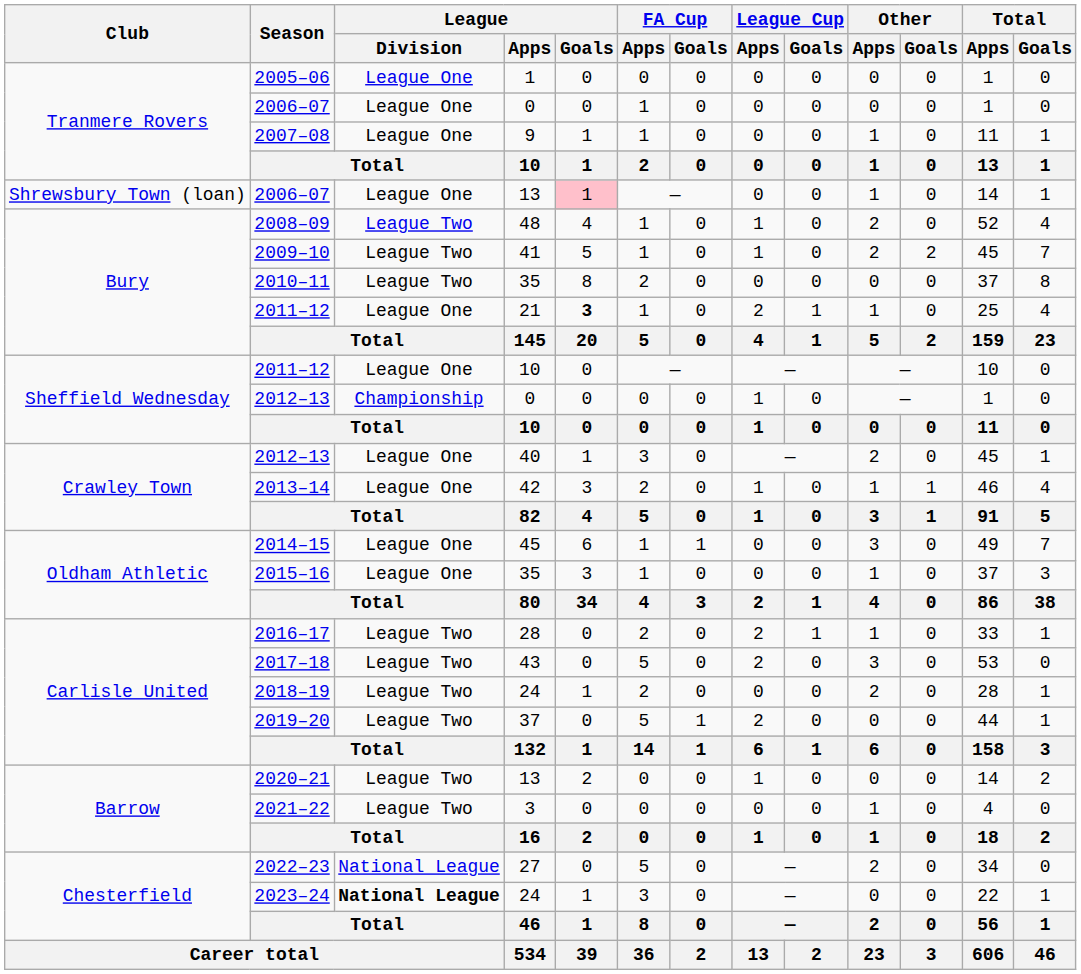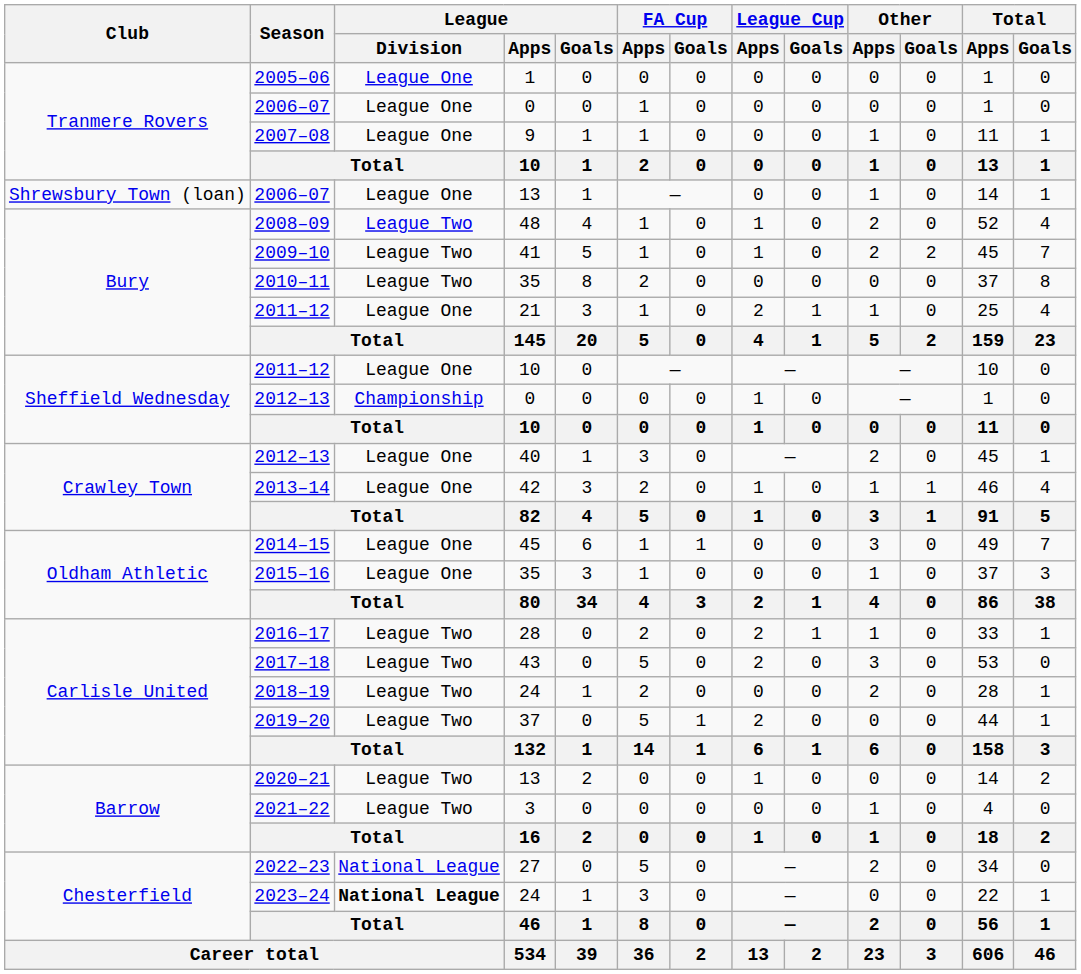 <table class="wikitable" style="text-align:center">
 <tr>
 <th rowspan="2">Club</th>
 <th rowspan="2">Season</th>
 <th colspan="3">League</th>
 <th colspan="2"><a href='#'>FA Cup</a></th>
 <th colspan="2"><a href='#'>League Cup</a></th>
 <th colspan="2">Other</th>
 <th colspan="2">Total</th>
 </tr>
 <tr>
 <th>Division</th>
 <th>Apps</th>
 <th>Goals</th>
 <th>Apps</th>
 <th>Goals</th>
 <th>Apps</th>
 <th>Goals</th>
 <th>Apps</th>
 <th>Goals</th>
 <th>Apps</th>
 <th>Goals</th>
 </tr>
 <tr>
 <td rowspan="4"><a href='#'>Tranmere Rovers</a></td>
 <td><a href='#'>2005–06</a></td>
 <td><a href='#'>League One</a></td>
 <td>1</td>
 <td>0</td>
 <td>0</td>
 <td>0</td>
 <td>0</td>
 <td>0</td>
 <td>0</td>
 <td>0</td>
 <td>1</td>
 <td>0</td>
 </tr>
 <tr>
 <td><a href='#'>2006–07</a></td>
 <td>League One</td>
 <td>0</td>
 <td>0</td>
 <td>1</td>
 <td>0</td>
 <td>0</td>
 <td>0</td>
 <td>0</td>
 <td>0</td>
 <td>1</td>
 <td>0</td>
 </tr>
 <tr>
 <td><a href='#'>2007–08</a></td>
 <td>League One</td>
 <td>9</td>
 <td>1</td>
 <td>1</td>
 <td>0</td>
 <td>0</td>
 <td>0</td>
 <td>1</td>
 <td>0</td>
 <td>11</td>
 <td>1</td>
 </tr>
 <tr>
 <th colspan="2">Total</th>
 <th>10</th>
 <th>1</th>
 <th>2</th>
 <th>0</th>
 <th>0</th>
 <th>0</th>
 <th>1</th>
 <th>0</th>
 <th>13</th>
 <th>1</th>
 </tr>
 <tr>
 <td><a href='#'>Shrewsbury Town</a> (loan)</td>
 <td><a href='#'>2006–07</a></td>
 <td>League One</td>
 <td>13</td>
-<td style="background: pink;">1</td>
+<td>1</td>
 <td colspan="2">—</td>
 <td>0</td>
 <td>0</td>
 <td>1</td>
 <td>0</td>
 <td>14</td>
 <td>1</td>
 </tr>
 <tr>
 <td rowspan="5"><a href='#'>Bury</a></td>
 <td><a href='#'>2008–09</a></td>
 <td><a href='#'>League Two</a></td>
 <td>48</td>
 <td>4</td>
 <td>1</td>
 <td>0</td>
 <td>1</td>
 <td>0</td>
 <td>2</td>
 <td>0</td>
 <td>52</td>
 <td>4</td>
 </tr>
 <tr>
 <td><a href='#'>2009–10</a></td>
 <td>League Two</td>
 <td>41</td>
 <td>5</td>
 <td>1</td>
 <td>0</td>
 <td>1</td>
 <td>0</td>
 <td>2</td>
 <td>2</td>
 <td>45</td>
 <td>7</td>
 </tr>
 <tr>
 <td><a href='#'>2010–11</a></td>
 <td>League Two</td>
 <td>35</td>
 <td>8</td>
 <td>2</td>
 <td>0</td>
 <td>0</td>
 <td>0</td>
 <td>0</td>
 <td>0</td>
 <td>37</td>
 <td>8</td>
 </tr>
 <tr>
 <td><a href='#'>2011–12</a></td>
 <td>League One</td>
 <td>21</td>
-<td><strong>3</strong></td>
+<td>3</td>
 <td>1</td>
 <td>0</td>
 <td>2</td>
 <td>1</td>
 <td>1</td>
 <td>0</td>
 <td>25</td>
 <td>4</td>
 </tr>
 <tr>
 <th colspan="2">Total</th>
 <th>145</th>
 <th>20</th>
 <th>5</th>
 <th>0</th>
 <th>4</th>
 <th>1</th>
 <th>5</th>
 <th>2</th>
 <th>159</th>
 <th>23</th>
 </tr>
 <tr>
 <td rowspan="3"><a href='#'>Sheffield Wednesday</a></td>
 <td><a href='#'>2011–12</a></td>
 <td>League One</td>
 <td>10</td>
 <td>0</td>
 <td colspan="2">—</td>
 <td colspan="2">—</td>
 <td colspan="2">—</td>
 <td>10</td>
 <td>0</td>
 </tr>
 <tr>
 <td><a href='#'>2012–13</a></td>
 <td><a href='#'>Championship</a></td>
 <td>0</td>
 <td>0</td>
 <td>0</td>
 <td>0</td>
 <td>1</td>
 <td>0</td>
 <td colspan="2">—</td>
 <td>1</td>
 <td>0</td>
 </tr>
 <tr>
 <th colspan="2">Total</th>
 <th>10</th>
 <th>0</th>
 <th>0</th>
 <th>0</th>
 <th>1</th>
 <th>0</th>
 <th>0</th>
 <th>0</th>
 <th>11</th>
 <th>0</th>
 </tr>
 <tr>
 <td rowspan="3"><a href='#'>Crawley Town</a></td>
 <td><a href='#'>2012–13</a></td>
 <td>League One</td>
 <td>40</td>
 <td>1</td>
 <td>3</td>
 <td>0</td>
 <td colspan="2">—</td>
 <td>2</td>
 <td>0</td>
 <td>45</td>
 <td>1</td>
 </tr>
 <tr>
 <td><a href='#'>2013–14</a></td>
 <td>League One</td>
 <td>42</td>
 <td>3</td>
 <td>2</td>
 <td>0</td>
 <td>1</td>
 <td>0</td>
 <td>1</td>
 <td>1</td>
 <td>46</td>
 <td>4</td>
 </tr>
 <tr>
 <th colspan="2">Total</th>
 <th>82</th>
 <th>4</th>
 <th>5</th>
 <th>0</th>
 <th>1</th>
 <th>0</th>
 <th>3</th>
 <th>1</th>
 <th>91</th>
 <th>5</th>
 </tr>
 <tr>
 <td rowspan="3"><a href='#'>Oldham Athletic</a></td>
 <td><a href='#'>2014–15</a></td>
 <td>League One</td>
 <td>45</td>
 <td>6</td>
 <td>1</td>
 <td>1</td>
 <td>0</td>
 <td>0</td>
 <td>3</td>
 <td>0</td>
 <td>49</td>
 <td>7</td>
 </tr>
 <tr>
 <td><a href='#'>2015–16</a></td>
 <td>League One</td>
 <td>35</td>
 <td>3</td>
 <td>1</td>
 <td>0</td>
 <td>0</td>
 <td>0</td>
 <td>1</td>
 <td>0</td>
 <td>37</td>
 <td>3</td>
 </tr>
 <tr>
 <th colspan="2">Total</th>
 <th>80</th>
 <th>34</th>
 <th>4</th>
 <th>3</th>
 <th>2</th>
 <th>1</th>
 <th>4</th>
 <th>0</th>
 <th>86</th>
 <th>38</th>
 </tr>
 <tr>
 <td rowspan="5"><a href='#'>Carlisle United</a></td>
 <td><a href='#'>2016–17</a></td>
 <td>League Two</td>
 <td>28</td>
 <td>0</td>
 <td>2</td>
 <td>0</td>
 <td>2</td>
 <td>1</td>
 <td>1</td>
 <td>0</td>
 <td>33</td>
 <td>1</td>
 </tr>
 <tr>
 <td><a href='#'>2017–18</a></td>
 <td>League Two</td>
 <td>43</td>
 <td>0</td>
 <td>5</td>
 <td>0</td>
 <td>2</td>
 <td>0</td>
 <td>3</td>
 <td>0</td>
 <td>53</td>
 <td>0</td>
 </tr>
 <tr>
 <td><a href='#'>2018–19</a></td>
 <td>League Two</td>
 <td>24</td>
 <td>1</td>
 <td>2</td>
 <td>0</td>
 <td>0</td>
 <td>0</td>
 <td>2</td>
 <td>0</td>
 <td>28</td>
 <td>1</td>
 </tr>
 <tr>
 <td><a href='#'>2019–20</a></td>
 <td>League Two</td>
 <td>37</td>
 <td>0</td>
 <td>5</td>
 <td>1</td>
 <td>2</td>
 <td>0</td>
 <td>0</td>
 <td>0</td>
 <td>44</td>
 <td>1</td>
 </tr>
 <tr>
 <th colspan="2">Total</th>
 <th>132</th>
 <th>1</th>
 <th>14</th>
 <th>1</th>
 <th>6</th>
 <th>1</th>
 <th>6</th>
 <th>0</th>
 <th>158</th>
 <th>3</th>
 </tr>
 <tr>
 <td rowspan="3"><a href='#'>Barrow</a></td>
 <td><a href='#'>2020–21</a></td>
 <td>League Two</td>
 <td>13</td>
 <td>2</td>
 <td>0</td>
 <td>0</td>
 <td>1</td>
 <td>0</td>
 <td>0</td>
 <td>0</td>
 <td>14</td>
 <td>2</td>
 </tr>
 <tr>
 <td><a href='#'>2021–22</a></td>
 <td>League Two</td>
 <td>3</td>
 <td>0</td>
 <td>0</td>
 <td>0</td>
 <td>0</td>
 <td>0</td>
 <td>1</td>
 <td>0</td>
 <td>4</td>
 <td>0</td>
 </tr>
 <tr>
 <th colspan="2">Total</th>
 <th>16</th>
 <th>2</th>
 <th>0</th>
 <th>0</th>
 <th>1</th>
 <th>0</th>
 <th>1</th>
 <th>0</th>
 <th>18</th>
 <th>2</th>
 </tr>
 <tr>
 <td rowspan="3"><a href='#'>Chesterfield</a></td>
 <td><a href='#'>2022–23</a></td>
 <td><a href='#'>National League</a></td>
 <td>27</td>
 <td>0</td>
 <td>5</td>
 <td>0</td>
 <td colspan="2">—</td>
 <td>2</td>
 <td>0</td>
 <td>34</td>
 <td>0</td>
 </tr>
 <tr>
 <td><a href='#'>2023–24</a></td>
 <td><strong>National League</strong></td>
 <td>24</td>
 <td>1</td>
 <td>3</td>
 <td>0</td>
 <td colspan="2">—</td>
 <td>0</td>
 <td>0</td>
 <td>22</td>
 <td>1</td>
 </tr>
 <tr>
 <th colspan="2">Total</th>
 <th>46</th>
 <th>1</th>
 <th>8</th>
 <th>0</th>
 <th colspan="2">—</th>
 <th>2</th>
 <th>0</th>
 <th>56</th>
 <th>1</th>
 </tr>
 <tr>
 <th colspan="3">Career total</th>
 <th>534</th>
 <th>39</th>
 <th>36</th>
 <th>2</th>
 <th>13</th>
 <th>2</th>
 <th>23</th>
 <th>3</th>
 <th>606</th>
 <th>46</th>
 </tr>
 </table>
